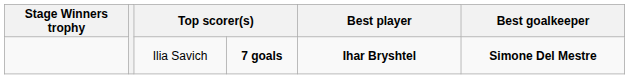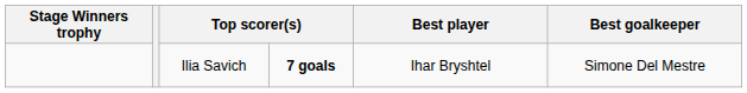 <table class="wikitable" style="text-align: center; font-size: 95%;">
 <tr>
 <th width=150>Stage Winners trophy</th>
 <th rowspan=2></th>
 <th width=200 colspan=2>Top scorer(s)</th>
 <th width=200>Best player</th>
 <th width=200>Best goalkeeper</th>
 </tr>
 <tr align=center style="background:">
 <td style="text-align:center;" height=40></td>
 <td> Ilia Savich</td>
 <td><strong>7 goals</strong></td>
-<td><strong> Ihar Bryshtel</strong></td>
-<td><strong> Simone Del Mestre</strong></td>
+<td> Ihar Bryshtel</td>
+<td> Simone Del Mestre</td>
 </tr>
 </table>
